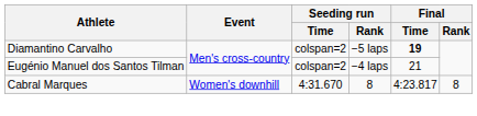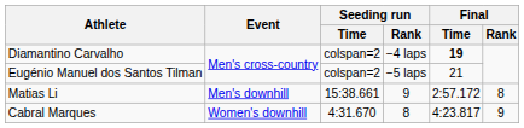 <table class=wikitable style=font-size:90%;text-align:center>
 <tr>
 <th rowspan="2">Athlete</th>
 <th rowspan="2">Event</th>
 <th colspan=2>Seeding run</th>
 <th colspan=2>Final</th>
 </tr>
 <tr>
 <th>Time</th>
 <th>Rank</th>
 <th>Time</th>
 <th>Rank</th>
 </tr>
 <tr>
 <td align=left>Diamantino Carvalho</td>
 <td align=left rowspan=2><a href='#'>Men's cross-country</a></td>
 <td>colspan=2 </td>
-<td>−5 laps</td>
+<td>−4 laps</td>
 <td><strong>19</strong></td>
 </tr>
 <tr>
 <td align=left>Eugénio Manuel dos Santos Tilman</td>
 <td>colspan=2 </td>
-<td>−4 laps</td>
+<td>−5 laps</td>
 <td>21</td>
+</tr>
+<tr>
+<td align=left>Matias Li</td>
+<td align=left><a href='#'>Men's downhill</a></td>
+<td>15:38.661</td>
+<td>9</td>
+<td>2:57.172</td>
+<td>8</td>
 </tr>
 <tr>
 <td align=left>Cabral Marques</td>
 <td align=left><a href='#'>Women's downhill</a></td>
 <td>4:31.670</td>
 <td>8</td>
 <td>4:23.817</td>
-<td>8</td>
+<td>9</td>
 </tr>
 </table>
